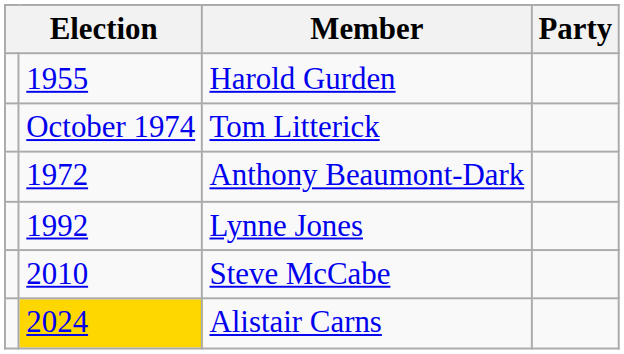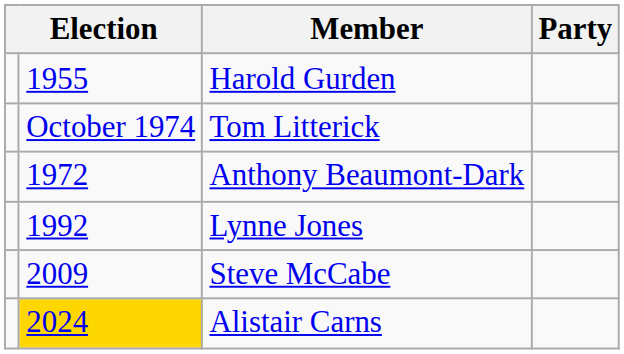 <table class="wikitable">
 <tr>
 <th colspan="2">Election</th>
 <th>Member</th>
 <th>Party</th>
 </tr>
 <tr>
 <td style="color:inherit;background-color: "></td>
 <td><a href='#'>1955</a></td>
 <td><a href='#'>Harold Gurden</a></td>
 <td></td>
 </tr>
 <tr>
 <td style="color:inherit;background-color: "></td>
 <td><a href='#'>October 1974</a></td>
 <td><a href='#'>Tom Litterick</a></td>
 <td></td>
 </tr>
 <tr>
 <td style="color:inherit;background-color: "></td>
 <td><a href='#'>1972</a></td>
 <td><a href='#'>Anthony Beaumont-Dark</a></td>
 <td></td>
 </tr>
 <tr>
 <td style="color:inherit;background-color: "></td>
 <td><a href='#'>1992</a></td>
 <td><a href='#'>Lynne Jones</a></td>
 <td></td>
 </tr>
 <tr>
 <td style="color:inherit;background-color: "></td>
-<td><a href='#'>2010</a></td>
+<td><a href='#'>2009</a></td>
 <td><a href='#'>Steve McCabe</a></td>
 <td></td>
 </tr>
 <tr>
 <td style="color:inherit;background-color: "></td>
 <td style="background: gold;"><a href='#'>2024</a></td>
 <td><a href='#'>Alistair Carns</a></td>
 <td></td>
 </tr>
 </table>
